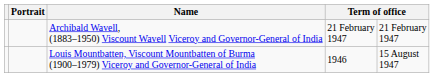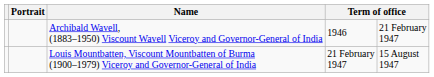 <table class="wikitable">
 <tr>
 <th></th>
 <th><strong>Portrait</strong></th>
 <th>Name</th>
 <th colspan="2"><strong>Term of office</strong></th>
 </tr>
 <tr>
 <td></td>
 <td></td>
 <td><a href='#'>Archibald Wavell</a>,<br>(1883–1950)  <a href='#'>Viscount Wavell</a> <a href='#'>Viceroy and Governor-General of India</a><br></td>
-<td>21 February<br>1947</td>
+<td>1946</td>
 <td>21 February<br>1947</td>
 </tr>
 <tr>
 <td></td>
 <td></td>
 <td><a href='#'>Louis Mountbatten, Viscount Mountbatten of Burma</a><br>(1900–1979) <a href='#'>Viceroy and Governor-General of India</a><br></td>
-<td>1946</td>
+<td>21 February<br>1947</td>
 <td>15 August<br>1947</td>
 </tr>
 </table>
